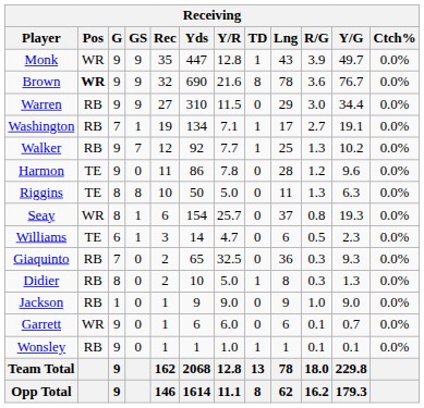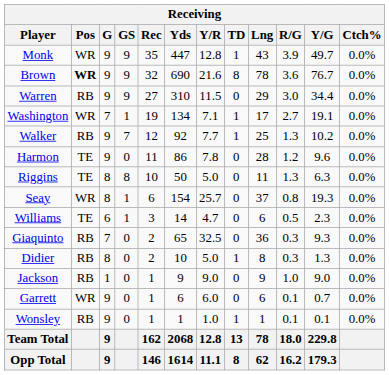 <table class="wikitable" style="text-align:center">
 <tr>
 <th colspan="12">Receiving</th>
 </tr>
 <tr>
 <th>Player</th>
 <th>Pos</th>
 <th>G</th>
 <th>GS</th>
 <th>Rec</th>
 <th>Yds</th>
 <th>Y/R</th>
 <th>TD</th>
 <th>Lng</th>
 <th>R/G</th>
 <th>Y/G</th>
 <th>Ctch%</th>
 </tr>
 <tr>
 <td><a href='#'>Monk</a></td>
 <td>WR</td>
 <td>9</td>
 <td>9</td>
 <td>35</td>
 <td>447</td>
 <td>12.8</td>
 <td>1</td>
 <td>43</td>
 <td>3.9</td>
 <td>49.7</td>
 <td>0.0%</td>
 </tr>
 <tr>
 <td><a href='#'>Brown</a></td>
 <td><strong>WR</strong></td>
 <td>9</td>
 <td>9</td>
 <td>32</td>
 <td>690</td>
 <td>21.6</td>
 <td>8</td>
 <td>78</td>
 <td>3.6</td>
 <td>76.7</td>
 <td>0.0%</td>
 </tr>
 <tr>
 <td><a href='#'>Warren</a></td>
 <td>RB</td>
 <td>9</td>
 <td>9</td>
 <td>27</td>
 <td>310</td>
 <td>11.5</td>
 <td>0</td>
 <td>29</td>
 <td>3.0</td>
 <td>34.4</td>
 <td>0.0%</td>
 </tr>
 <tr>
 <td><a href='#'>Washington</a></td>
-<td>RB</td>
+<td>WR</td>
 <td>7</td>
 <td>1</td>
 <td>19</td>
 <td>134</td>
 <td>7.1</td>
 <td>1</td>
 <td>17</td>
 <td>2.7</td>
 <td>19.1</td>
 <td>0.0%</td>
 </tr>
 <tr>
 <td><a href='#'>Walker</a></td>
 <td>RB</td>
 <td>9</td>
 <td>7</td>
 <td>12</td>
 <td>92</td>
 <td>7.7</td>
 <td>1</td>
 <td>25</td>
 <td>1.3</td>
 <td>10.2</td>
 <td>0.0%</td>
 </tr>
 <tr>
 <td><a href='#'>Harmon</a></td>
 <td>TE</td>
 <td>9</td>
 <td>0</td>
 <td>11</td>
 <td>86</td>
 <td>7.8</td>
 <td>0</td>
 <td>28</td>
 <td>1.2</td>
 <td>9.6</td>
 <td>0.0%</td>
 </tr>
 <tr>
 <td><a href='#'>Riggins</a></td>
 <td>TE</td>
 <td>8</td>
 <td>8</td>
 <td>10</td>
 <td>50</td>
 <td>5.0</td>
 <td>0</td>
 <td>11</td>
 <td>1.3</td>
 <td>6.3</td>
 <td>0.0%</td>
 </tr>
 <tr>
 <td><a href='#'>Seay</a></td>
 <td>WR</td>
 <td>8</td>
 <td>1</td>
 <td>6</td>
 <td>154</td>
 <td>25.7</td>
 <td>0</td>
 <td>37</td>
 <td>0.8</td>
 <td>19.3</td>
 <td>0.0%</td>
 </tr>
 <tr>
 <td><a href='#'>Williams</a></td>
 <td>TE</td>
 <td>6</td>
 <td>1</td>
 <td>3</td>
 <td>14</td>
 <td>4.7</td>
 <td>0</td>
 <td>6</td>
 <td>0.5</td>
 <td>2.3</td>
 <td>0.0%</td>
 </tr>
 <tr>
 <td><a href='#'>Giaquinto</a></td>
 <td>RB</td>
 <td>7</td>
 <td>0</td>
 <td>2</td>
 <td>65</td>
 <td>32.5</td>
 <td>0</td>
 <td>36</td>
 <td>0.3</td>
 <td>9.3</td>
 <td>0.0%</td>
 </tr>
 <tr>
 <td><a href='#'>Didier</a></td>
 <td>RB</td>
 <td>8</td>
 <td>0</td>
 <td>2</td>
 <td>10</td>
 <td>5.0</td>
 <td>1</td>
 <td>8</td>
 <td>0.3</td>
 <td>1.3</td>
 <td>0.0%</td>
 </tr>
 <tr>
 <td><a href='#'>Jackson</a></td>
 <td>RB</td>
 <td>1</td>
 <td>0</td>
 <td>1</td>
 <td>9</td>
 <td>9.0</td>
 <td>0</td>
 <td>9</td>
 <td>1.0</td>
 <td>9.0</td>
 <td>0.0%</td>
 </tr>
 <tr>
 <td><a href='#'>Garrett</a></td>
 <td>WR</td>
 <td>9</td>
 <td>0</td>
 <td>1</td>
 <td>6</td>
 <td>6.0</td>
 <td>0</td>
 <td>6</td>
 <td>0.1</td>
 <td>0.7</td>
 <td>0.0%</td>
 </tr>
 <tr>
 <td><a href='#'>Wonsley</a></td>
 <td>RB</td>
 <td>9</td>
 <td>0</td>
 <td>1</td>
 <td>1</td>
 <td>1.0</td>
 <td>1</td>
 <td>1</td>
 <td>0.1</td>
 <td>0.1</td>
 <td>0.0%</td>
 </tr>
 <tr>
 <th>Team Total</th>
 <th></th>
 <th>9</th>
 <th></th>
 <th>162</th>
 <th>2068</th>
 <th>12.8</th>
 <th>13</th>
 <th>78</th>
 <th>18.0</th>
 <th>229.8</th>
 <th></th>
 </tr>
 <tr>
 <th>Opp Total</th>
 <th></th>
 <th>9</th>
 <th></th>
 <th>146</th>
 <th>1614</th>
 <th>11.1</th>
 <th>8</th>
 <th>62</th>
 <th>16.2</th>
 <th>179.3</th>
 <th></th>
 </tr>
 </table>
